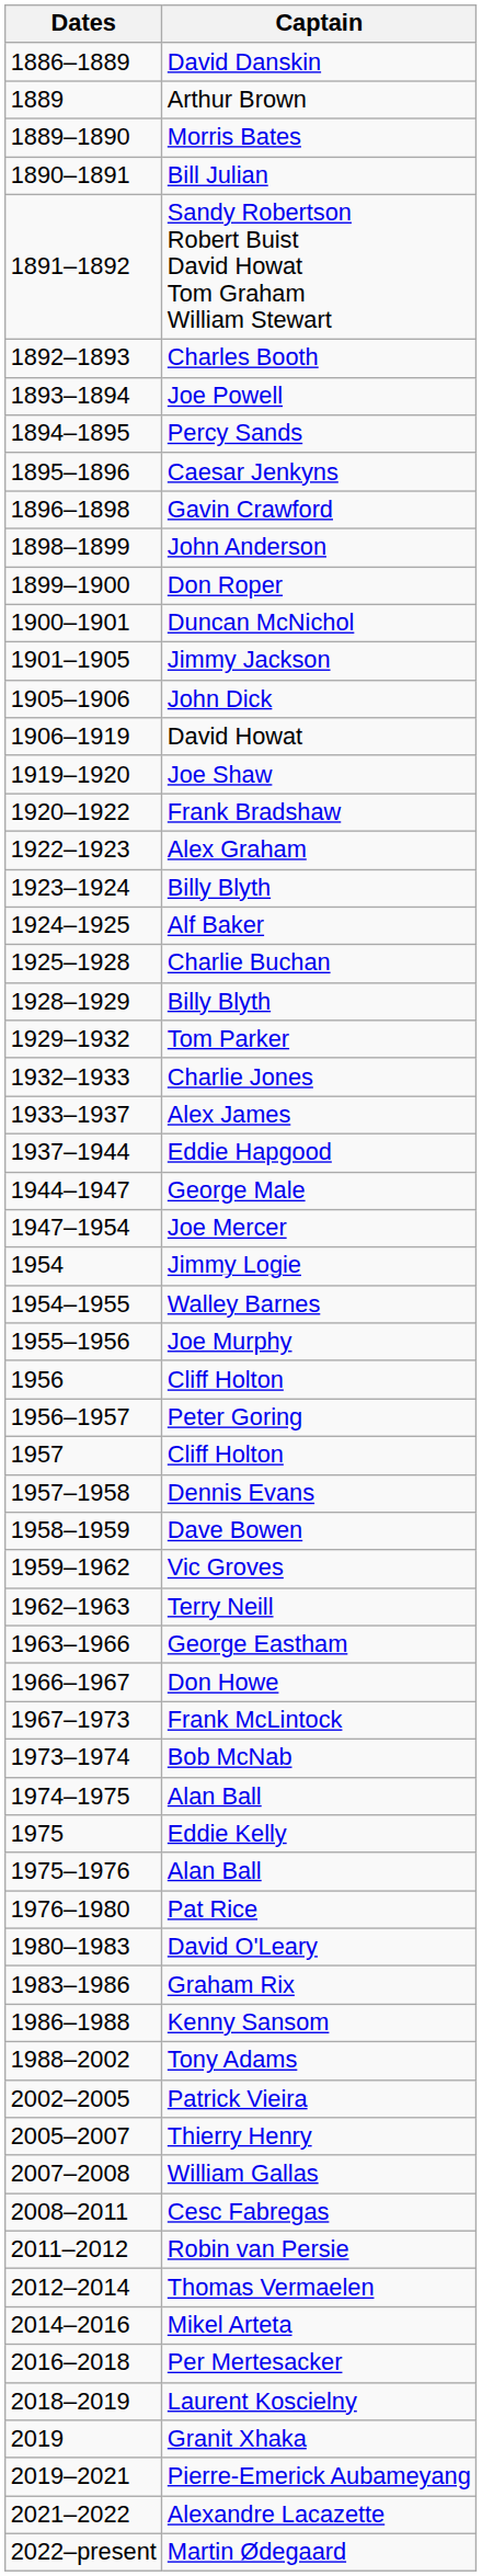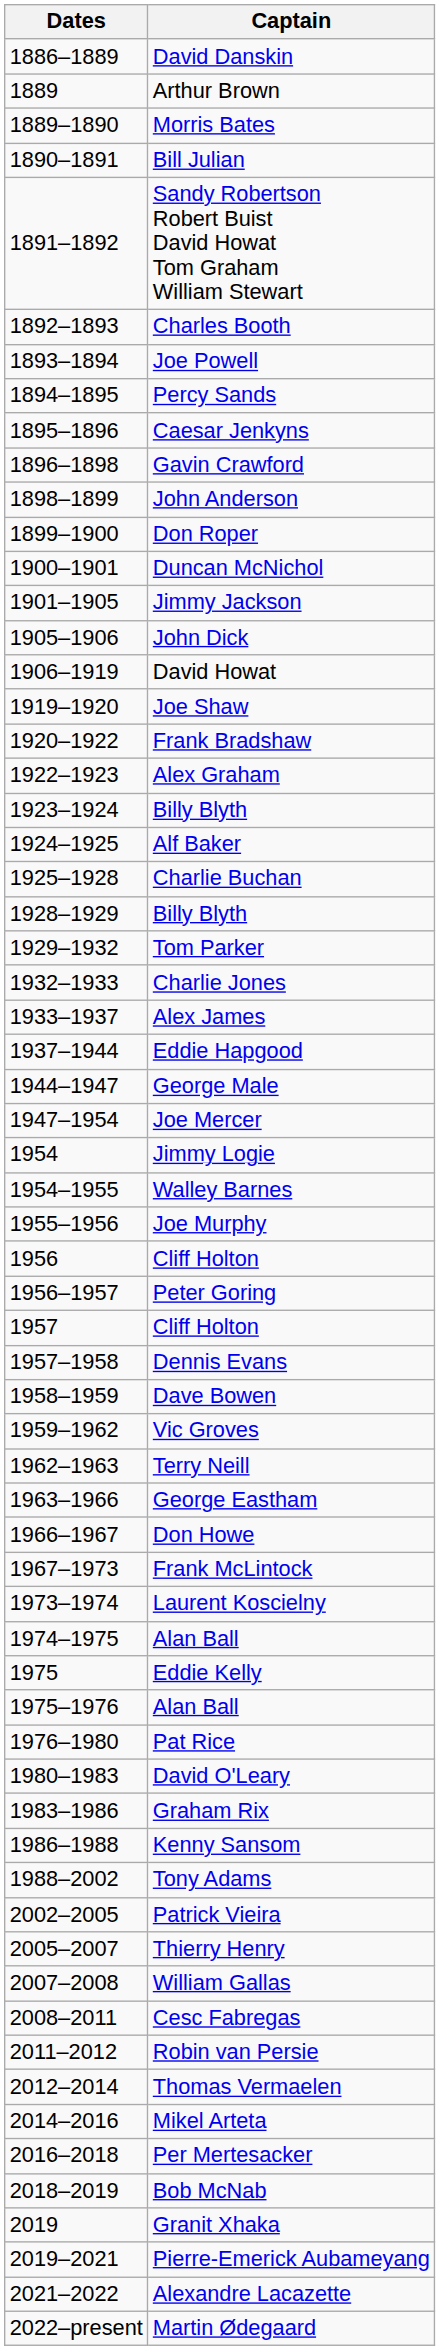 <table class="wikitable">
 <tr>
 <th>Dates</th>
 <th>Captain</th>
 </tr>
 <tr>
 <td>1886–1889</td>
 <td> <a href='#'>David Danskin</a></td>
 </tr>
 <tr>
 <td>1889</td>
 <td> Arthur Brown</td>
 </tr>
 <tr>
 <td>1889–1890</td>
 <td> <a href='#'>Morris Bates</a></td>
 </tr>
 <tr>
 <td>1890–1891</td>
 <td> <a href='#'>Bill Julian</a></td>
 </tr>
 <tr>
 <td>1891–1892</td>
 <td> <a href='#'>Sandy Robertson</a><br> Robert Buist<br> David Howat<br> Tom Graham<br> William Stewart</td>
 </tr>
 <tr>
 <td>1892–1893</td>
 <td> <a href='#'>Charles Booth</a></td>
 </tr>
 <tr>
 <td>1893–1894</td>
 <td> <a href='#'>Joe Powell</a></td>
 </tr>
 <tr>
 <td>1894–1895</td>
 <td> <a href='#'>Percy Sands</a></td>
 </tr>
 <tr>
 <td>1895–1896</td>
 <td> <a href='#'>Caesar Jenkyns</a></td>
 </tr>
 <tr>
 <td>1896–1898</td>
 <td> <a href='#'>Gavin Crawford</a></td>
 </tr>
 <tr>
 <td>1898–1899</td>
 <td> <a href='#'>John Anderson</a></td>
 </tr>
 <tr>
 <td>1899–1900</td>
 <td> <a href='#'>Don Roper</a></td>
 </tr>
 <tr>
 <td>1900–1901</td>
 <td> <a href='#'>Duncan McNichol</a></td>
 </tr>
 <tr>
 <td>1901–1905</td>
 <td> <a href='#'>Jimmy Jackson</a></td>
 </tr>
 <tr>
 <td>1905–1906</td>
 <td> <a href='#'>John Dick</a></td>
 </tr>
 <tr>
 <td>1906–1919</td>
 <td> David Howat</td>
 </tr>
 <tr>
 <td>1919–1920</td>
 <td> <a href='#'>Joe Shaw</a></td>
 </tr>
 <tr>
 <td>1920–1922</td>
 <td> <a href='#'>Frank Bradshaw</a></td>
 </tr>
 <tr>
 <td>1922–1923</td>
 <td> <a href='#'>Alex Graham</a></td>
 </tr>
 <tr>
 <td>1923–1924</td>
 <td> <a href='#'>Billy Blyth</a></td>
 </tr>
 <tr>
 <td>1924–1925</td>
 <td> <a href='#'>Alf Baker</a></td>
 </tr>
 <tr>
 <td>1925–1928</td>
 <td> <a href='#'>Charlie Buchan</a></td>
 </tr>
 <tr>
 <td>1928–1929</td>
 <td> <a href='#'>Billy Blyth</a></td>
 </tr>
 <tr>
 <td>1929–1932</td>
 <td> <a href='#'>Tom Parker</a></td>
 </tr>
 <tr>
 <td>1932–1933</td>
 <td> <a href='#'>Charlie Jones</a></td>
 </tr>
 <tr>
 <td>1933–1937</td>
 <td> <a href='#'>Alex James</a></td>
 </tr>
 <tr>
 <td>1937–1944</td>
 <td> <a href='#'>Eddie Hapgood</a></td>
 </tr>
 <tr>
 <td>1944–1947</td>
 <td> <a href='#'>George Male</a></td>
 </tr>
 <tr>
 <td>1947–1954</td>
 <td> <a href='#'>Joe Mercer</a></td>
 </tr>
 <tr>
 <td>1954</td>
 <td> <a href='#'>Jimmy Logie</a></td>
 </tr>
 <tr>
 <td>1954–1955</td>
 <td> <a href='#'>Walley Barnes</a></td>
 </tr>
 <tr>
 <td>1955–1956</td>
 <td> <a href='#'>Joe Murphy</a></td>
 </tr>
 <tr>
 <td>1956</td>
 <td> <a href='#'>Cliff Holton</a></td>
 </tr>
 <tr>
 <td>1956–1957</td>
 <td> <a href='#'>Peter Goring</a></td>
 </tr>
 <tr>
 <td>1957</td>
 <td> <a href='#'>Cliff Holton</a></td>
 </tr>
 <tr>
 <td>1957–1958</td>
 <td> <a href='#'>Dennis Evans</a></td>
 </tr>
 <tr>
 <td>1958–1959</td>
 <td> <a href='#'>Dave Bowen</a></td>
 </tr>
 <tr>
 <td>1959–1962</td>
 <td> <a href='#'>Vic Groves</a></td>
 </tr>
 <tr>
 <td>1962–1963</td>
 <td> <a href='#'>Terry Neill</a></td>
 </tr>
 <tr>
 <td>1963–1966</td>
 <td> <a href='#'>George Eastham</a></td>
 </tr>
 <tr>
 <td>1966–1967</td>
 <td> <a href='#'>Don Howe</a></td>
 </tr>
 <tr>
 <td>1967–1973</td>
 <td> <a href='#'>Frank McLintock</a></td>
 </tr>
 <tr>
 <td>1973–1974</td>
-<td> <a href='#'>Bob McNab</a></td>
+<td> <a href='#'>Laurent Koscielny</a></td>
 </tr>
 <tr>
 <td>1974–1975</td>
 <td> <a href='#'>Alan Ball</a></td>
 </tr>
 <tr>
 <td>1975</td>
 <td> <a href='#'>Eddie Kelly</a></td>
 </tr>
 <tr>
 <td>1975–1976</td>
 <td> <a href='#'>Alan Ball</a></td>
 </tr>
 <tr>
 <td>1976–1980</td>
 <td> <a href='#'>Pat Rice</a></td>
 </tr>
 <tr>
 <td>1980–1983</td>
 <td> <a href='#'>David O'Leary</a></td>
 </tr>
 <tr>
 <td>1983–1986</td>
 <td> <a href='#'>Graham Rix</a></td>
 </tr>
 <tr>
 <td>1986–1988</td>
 <td> <a href='#'>Kenny Sansom</a></td>
 </tr>
 <tr>
 <td>1988–2002</td>
 <td> <a href='#'>Tony Adams</a></td>
 </tr>
 <tr>
 <td>2002–2005</td>
 <td> <a href='#'>Patrick Vieira</a></td>
 </tr>
 <tr>
 <td>2005–2007</td>
 <td> <a href='#'>Thierry Henry</a></td>
 </tr>
 <tr>
 <td>2007–2008</td>
 <td> <a href='#'>William Gallas</a></td>
 </tr>
 <tr>
 <td>2008–2011</td>
 <td> <a href='#'>Cesc Fabregas</a></td>
 </tr>
 <tr>
 <td>2011–2012</td>
 <td> <a href='#'>Robin van Persie</a></td>
 </tr>
 <tr>
 <td>2012–2014</td>
 <td> <a href='#'>Thomas Vermaelen</a></td>
 </tr>
 <tr>
 <td>2014–2016</td>
 <td> <a href='#'>Mikel Arteta</a></td>
 </tr>
 <tr>
 <td>2016–2018</td>
 <td> <a href='#'>Per Mertesacker</a></td>
 </tr>
 <tr>
 <td>2018–2019</td>
-<td> <a href='#'>Laurent Koscielny</a></td>
+<td> <a href='#'>Bob McNab</a></td>
 </tr>
 <tr>
 <td>2019</td>
 <td> <a href='#'>Granit Xhaka</a></td>
 </tr>
 <tr>
 <td>2019–2021</td>
 <td> <a href='#'>Pierre-Emerick Aubameyang</a></td>
 </tr>
 <tr>
 <td>2021–2022</td>
 <td> <a href='#'>Alexandre Lacazette</a></td>
 </tr>
 <tr>
 <td>2022–present</td>
 <td> <a href='#'>Martin Ødegaard</a></td>
 </tr>
 </table>
